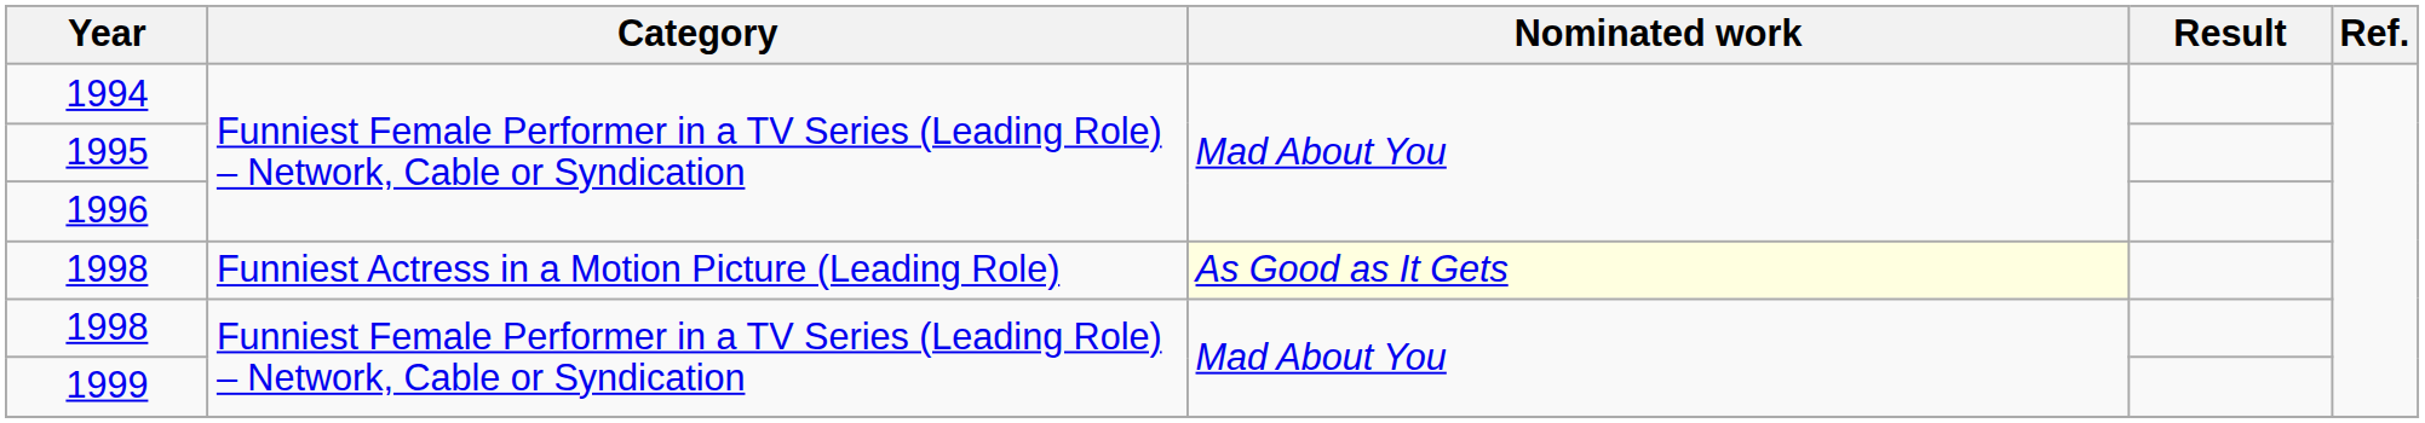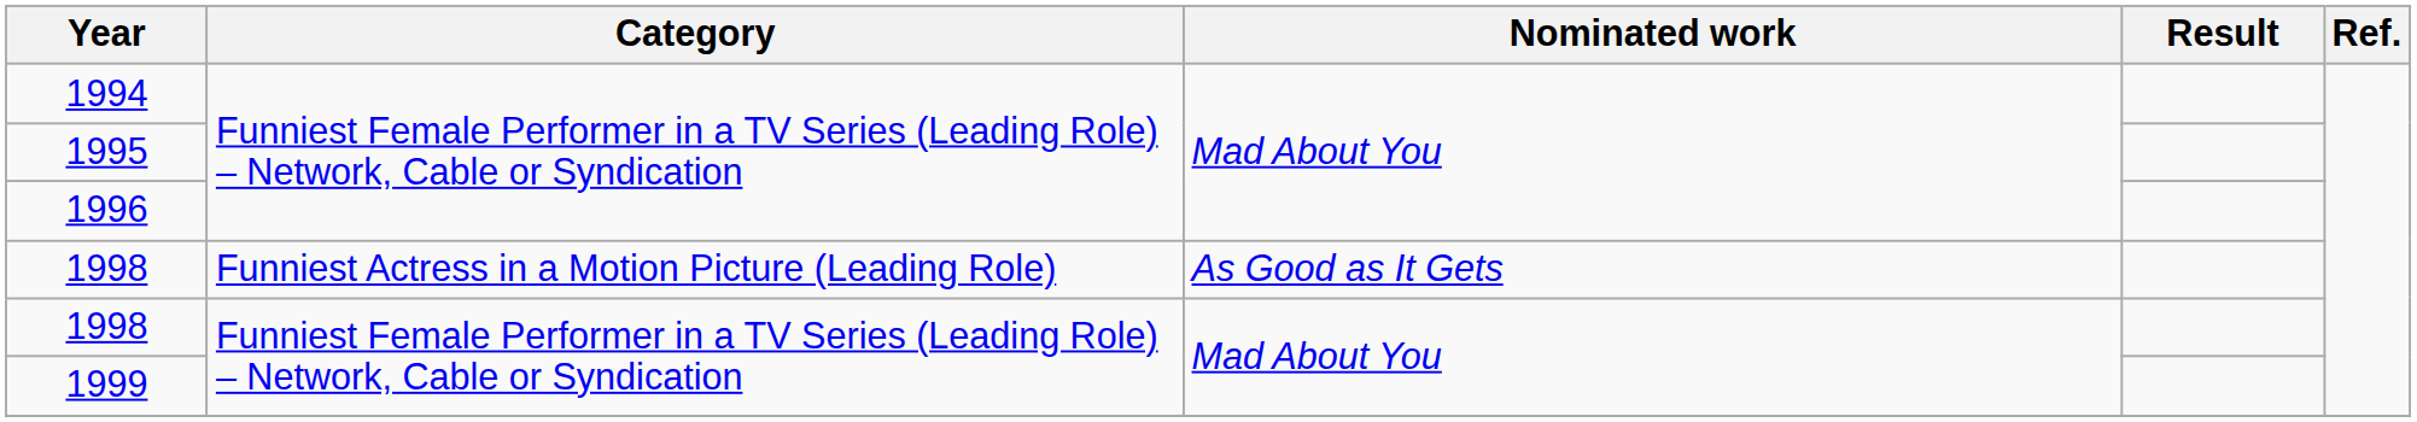 <table class=wikitable>
 <tr>
 <th scope="col" style="width:5em;">Year</th>
 <th scope="col" style="width:26em;">Category</th>
 <th scope="col" style="width:25em;">Nominated work</th>
 <th scope="col" style="width:5em;">Result</th>
 <th>Ref.</th>
 </tr>
 <tr>
 <td style="text-align:center;"><a href='#'>1994</a></td>
 <td rowspan=3><a href='#'>Funniest Female Performer in a TV Series (Leading Role) – Network, Cable or Syndication</a></td>
 <td rowspan=3><em><a href='#'>Mad About You</a></em></td>
 <td></td>
 <td rowspan=6></td>
 </tr>
 <tr>
 <td style="text-align:center;"><a href='#'>1995</a></td>
 <td></td>
 </tr>
 <tr>
 <td style="text-align:center;"><a href='#'>1996</a></td>
 <td></td>
 </tr>
 <tr>
 <td style="text-align:center;"><a href='#'>1998</a></td>
 <td><a href='#'>Funniest Actress in a Motion Picture (Leading Role)</a></td>
-<td style="background: lightyellow;"><em><a href='#'>As Good as It Gets</a></em></td>
+<td><em><a href='#'>As Good as It Gets</a></em></td>
 <td></td>
 </tr>
 <tr>
 <td style="text-align:center;"><a href='#'>1998</a></td>
 <td rowspan=2><a href='#'>Funniest Female Performer in a TV Series (Leading Role) – Network, Cable or Syndication</a></td>
 <td rowspan=2><em><a href='#'>Mad About You</a></em></td>
 <td></td>
 </tr>
 <tr>
 <td style="text-align:center;"><a href='#'>1999</a></td>
 <td></td>
 </tr>
 <tr>
 </tr>
 </table>
